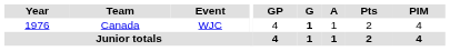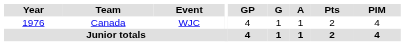 <table border="0" cellpadding="1" cellspacing="0" ID="Table3" style="text-align:center; width:40em">
 <tr bgcolor="#e0e0e0">
 <th>Year</th>
 <th>Team</th>
 <th>Event</th>
 <th rowspan="102" bgcolor="#ffffff"></th>
 <th>GP</th>
 <th>G</th>
 <th>A</th>
 <th>Pts</th>
 <th>PIM</th>
 </tr>
 <tr>
 <td><a href='#'>1976</a></td>
 <td><a href='#'>Canada</a></td>
 <td><a href='#'>WJC</a></td>
 <td>4</td>
-<td><strong>1</strong></td>
+<td>1</td>
 <td>1</td>
 <td>2</td>
 <td>4</td>
 </tr>
 <tr bgcolor="#e0e0e0">
 <th colspan="4">Junior totals</th>
 <th>4</th>
 <th>1</th>
 <th>1</th>
 <th>2</th>
 <th>4</th>
 </tr>
 </table>
